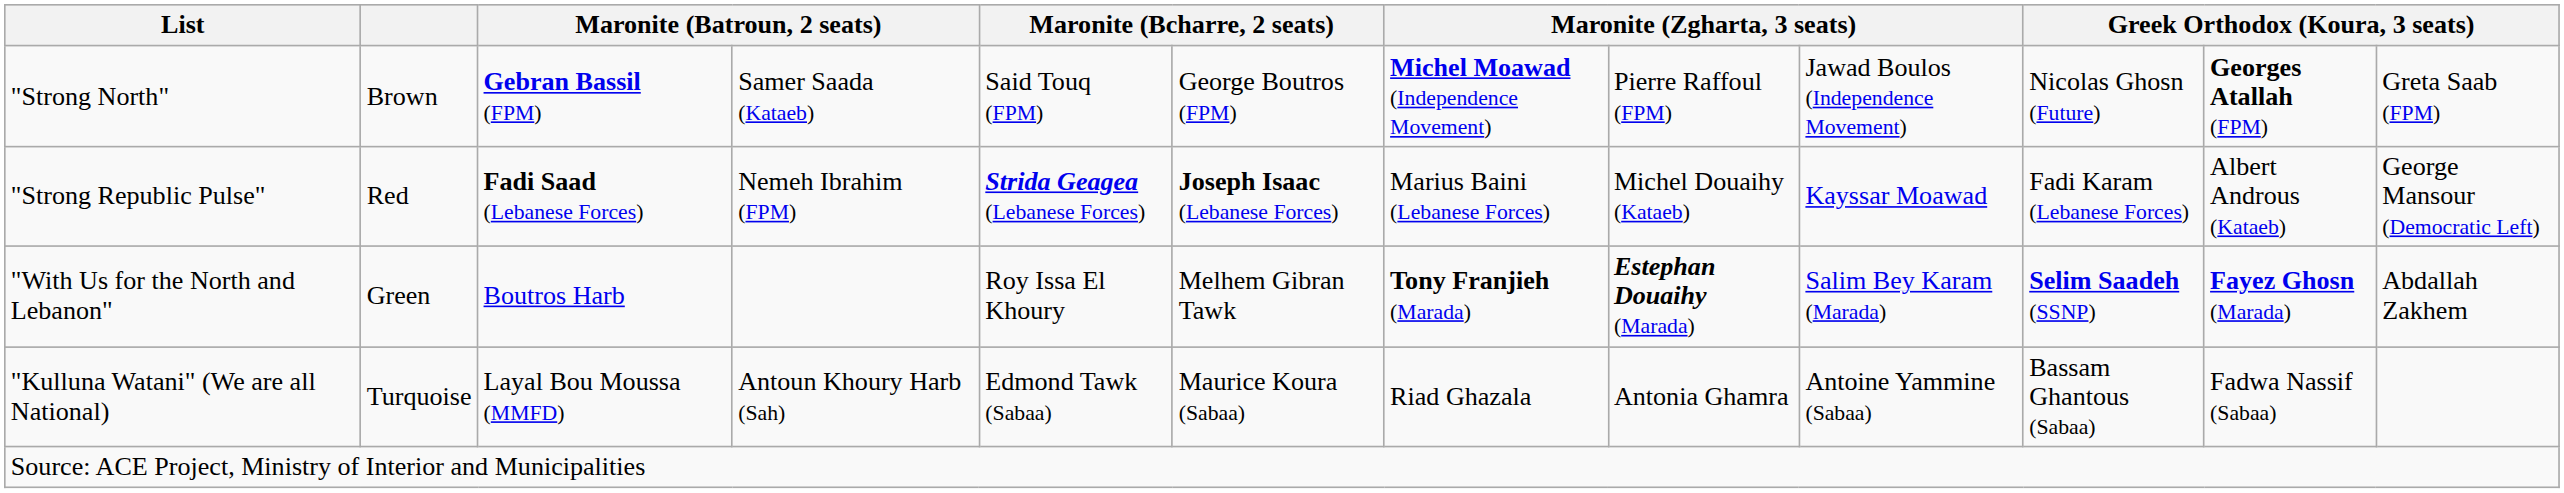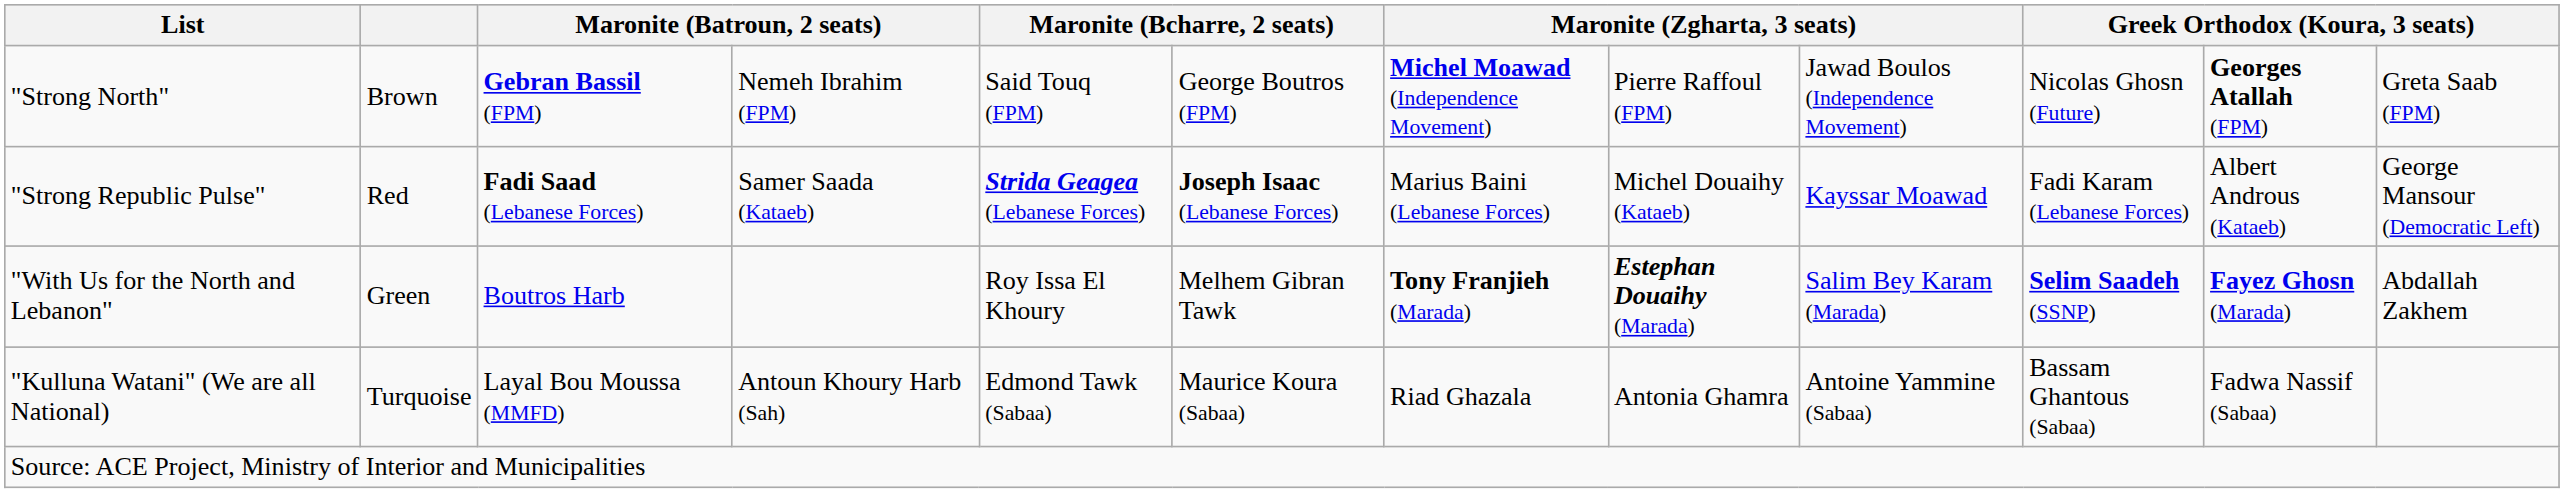 <table class=wikitable style=text-align:left>
 <tr>
 <th>List</th>
 <th></th>
 <th colspan=2>Maronite (Batroun, 2 seats)</th>
 <th colspan=2>Maronite (Bcharre, 2 seats)</th>
 <th colspan=3>Maronite (Zgharta, 3 seats)</th>
 <th colspan=3>Greek Orthodox (Koura, 3 seats)</th>
 </tr>
 <tr>
 <td align="left">"Strong North"</td>
 <td>Brown</td>
 <td><strong><a href='#'>Gebran Bassil</a></strong><br><small>(<a href='#'>FPM</a>)</small></td>
-<td>Samer Saada<br><small>(<a href='#'>Kataeb</a>)</small></td>
+<td>Nemeh Ibrahim<br><small>(<a href='#'>FPM</a>)</small></td>
 <td>Said Touq<br><small>(<a href='#'>FPM</a>)</small></td>
 <td>George Boutros<br><small>(<a href='#'>FPM</a>)</small></td>
 <td><strong><a href='#'>Michel Moawad</a></strong><br><small>(<a href='#'>Independence Movement</a>)</small></td>
 <td>Pierre Raffoul<br><small>(<a href='#'>FPM</a>)</small></td>
 <td>Jawad Boulos<br><small>(<a href='#'>Independence Movement</a>)</small></td>
 <td>Nicolas Ghosn<br><small>(<a href='#'>Future</a>)</small></td>
 <td><strong>Georges Atallah</strong><br><small>(<a href='#'>FPM</a>)</small></td>
 <td>Greta Saab<br><small>(<a href='#'>FPM</a>)</small></td>
 </tr>
 <tr>
 <td align="left">"Strong Republic Pulse"</td>
 <td>Red</td>
 <td><strong>Fadi Saad</strong><br><small>(<a href='#'>Lebanese Forces</a>)</small></td>
-<td>Nemeh Ibrahim<br><small>(<a href='#'>FPM</a>)</small></td>
+<td>Samer Saada<br><small>(<a href='#'>Kataeb</a>)</small></td>
 <td><strong><em><a href='#'>Strida Geagea</a></em></strong><br><small>(<a href='#'>Lebanese Forces</a>)</small></td>
 <td><strong>Joseph Isaac</strong><br><small>(<a href='#'>Lebanese Forces</a>)</small></td>
 <td>Marius Baini<br><small>(<a href='#'>Lebanese Forces</a>)</small></td>
 <td>Michel Douaihy<br><small>(<a href='#'>Kataeb</a>)</small></td>
 <td><a href='#'>Kayssar Moawad</a></td>
 <td>Fadi Karam<br><small>(<a href='#'>Lebanese Forces</a>)</small></td>
 <td>Albert Androus<br><small>(<a href='#'>Kataeb</a>)</small></td>
 <td>George Mansour<br><small>(<a href='#'>Democratic Left</a>)</small></td>
 </tr>
 <tr>
 <td align="left">"With Us for the North and Lebanon"</td>
 <td>Green</td>
 <td><a href='#'>Boutros Harb</a></td>
 <td></td>
 <td>Roy Issa El Khoury</td>
 <td>Melhem Gibran Tawk</td>
 <td><strong>Tony Franjieh</strong><br><small>(<a href='#'>Marada</a>)</small></td>
 <td><strong><em>Estephan Douaihy</em></strong><br><small>(<a href='#'>Marada</a>)</small></td>
 <td><a href='#'>Salim Bey Karam</a><br><small>(<a href='#'>Marada</a>)</small></td>
 <td><strong><a href='#'>Selim Saadeh</a></strong><br><small>(<a href='#'>SSNP</a>)</small></td>
 <td><strong><a href='#'>Fayez Ghosn</a></strong><br><small>(<a href='#'>Marada</a>)</small></td>
 <td>Abdallah Zakhem</td>
 </tr>
 <tr>
 <td align="left">"Kulluna Watani" (We are all National)</td>
 <td>Turquoise</td>
 <td>Layal Bou Moussa <small>(<a href='#'>MMFD</a>)</small></td>
 <td>Antoun Khoury Harb <small>(Sah)</small></td>
 <td>Edmond Tawk<br><small>(Sabaa)</small></td>
 <td>Maurice Koura<br><small>(Sabaa)</small></td>
 <td>Riad Ghazala</td>
 <td>Antonia Ghamra</td>
 <td>Antoine Yammine<br><small>(Sabaa)</small></td>
 <td>Bassam Ghantous<br><small>(Sabaa)</small></td>
 <td>Fadwa Nassif<br><small>(Sabaa)</small></td>
 <td></td>
 </tr>
 <tr>
 <td colspan="12" style="text-align:left;">Source: ACE Project, Ministry of Interior and Municipalities</td>
 </tr>
 </table>
